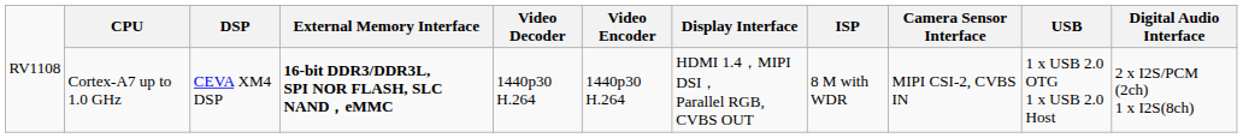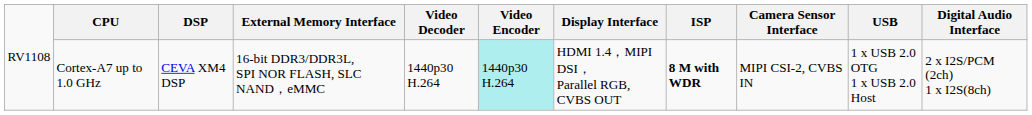 <table class="wikitable">
 <tr>
 <td rowspan="2">RV1108</td>
 <th>CPU</th>
 <th>DSP</th>
 <th>External Memory Interface</th>
 <th>Video Decoder</th>
 <th>Video Encoder</th>
 <th>Display Interface</th>
 <th>ISP</th>
 <th>Camera Sensor Interface</th>
 <th>USB</th>
 <th>Digital Audio Interface</th>
 </tr>
 <tr>
 <td>Cortex-A7 up to 1.0 GHz</td>
 <td><a href='#'>CEVA</a> XM4 DSP</td>
-<td><strong>16-bit DDR3/DDR3L,<br>SPI NOR FLASH, SLC NAND，eMMC</strong></td>
+<td>16-bit DDR3/DDR3L,<br>SPI NOR FLASH, SLC NAND，eMMC</td>
 <td>1440p30 H.264</td>
-<td>1440p30 H.264</td>
+<td style="background: paleturquoise;">1440p30 H.264</td>
 <td>HDMI 1.4，MIPI DSI，<br>Parallel RGB, CVBS OUT</td>
-<td>8 M with WDR</td>
+<td><strong>8 M with WDR</strong></td>
 <td>MIPI  CSI-2, CVBS IN</td>
 <td>1 x USB 2.0 OTG<br>1 x USB 2.0 Host</td>
 <td>2 x I2S/PCM (2ch)<br>1 x I2S(8ch)</td>
 </tr>
 </table>
